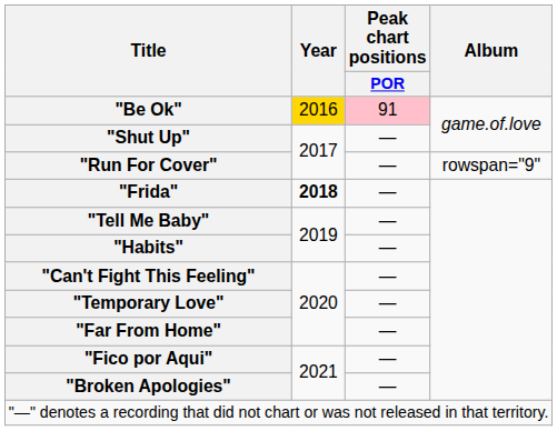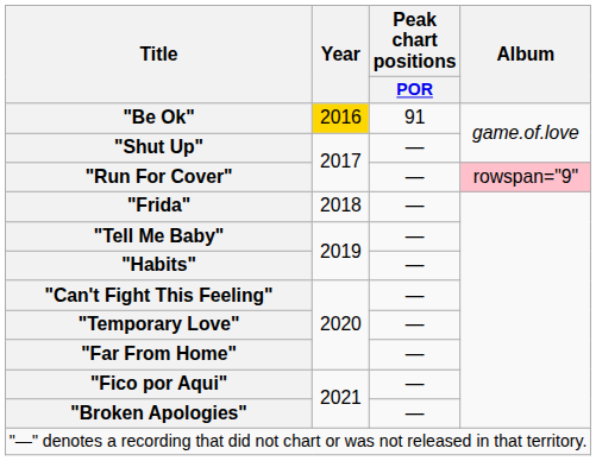 <table class="wikitable plainrowheaders" style="text-align:center;">
 <tr>
 <th rowspan="2" scope="col" style="width:16em;">Title</th>
 <th rowspan="2" scope="col">Year</th>
 <th scope="col">Peak chart positions</th>
 <th rowspan="2" scope="col">Album</th>
 </tr>
 <tr game.of.love>
 <th scope="col" style="width:3em;font-size:90%;"><a href='#'>POR</a><br></th>
 </tr>
 <tr>
 <th scope="row">"Be Ok"</th>
 <td style="background: gold;">2016</td>
-<td style="background: pink;">91</td>
+<td>91</td>
 <td rowspan="2"><em>game.of.love</em></td>
 </tr>
 <tr>
 <th scope="row">"Shut Up"</th>
 <td rowspan="2">2017</td>
 <td>—</td>
 </tr>
 <tr>
 <th scope="row">"Run For Cover"</th>
 <td>—</td>
-<td>rowspan="9" </td>
+<td style="background: pink;">rowspan="9" </td>
 </tr>
 <tr>
 <th scope="row">"Frida"<br></th>
-<td><strong>2018</strong></td>
+<td>2018</td>
 <td>—</td>
 </tr>
 <tr>
 <th scope="row">"Tell Me Baby"</th>
 <td rowspan="2">2019</td>
 <td>—</td>
 </tr>
 <tr>
 <th scope="row">"Habits"</th>
 <td>—</td>
 </tr>
 <tr>
 <th scope="row">"Can't Fight This Feeling"</th>
 <td rowspan="3">2020</td>
 <td>—</td>
 </tr>
 <tr>
 <th scope="row">"Temporary Love"</th>
 <td>—</td>
 </tr>
 <tr>
 <th scope="row">"Far From Home"</th>
 <td>—</td>
 </tr>
 <tr>
 <th scope="row">"Fico por Aqui"</th>
 <td rowspan="2">2021</td>
 <td>—</td>
 </tr>
 <tr>
 <th scope="row">"Broken Apologies"</th>
 <td>—</td>
 </tr>
 <tr>
 <td colspan="4" style="font-size:90%">"—" denotes a recording that did not chart or was not released in that territory.</td>
 </tr>
 </table>
